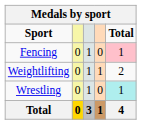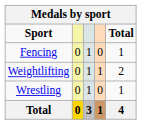 <table class="wikitable" style="font-size:85%; float:right;">
 <tr style="background:#efefef;">
 <th colspan=7>Medals by sport</th>
 </tr>
 <tr align=center>
 <td><strong>Sport</strong></td>
 <td style="background:#f7f6a8;"></td>
 <td style="background:#dce5e5;"></td>
 <td style="background:#ffdab9;"></td>
 <td><strong>Total</strong></td>
 </tr>
 <tr align=center>
 <td><a href='#'>Fencing</a></td>
 <td style="background:#f7f6a8;">0</td>
 <td style="background:#dce5e5;">1</td>
 <td style="background:#ffdab9;">0</td>
-<td style="background: pink;">1</td>
+<td>1</td>
 </tr>
 <tr align=center>
 <td><a href='#'>Weightlifting</a></td>
 <td style="background:#f7f6a8;">0</td>
 <td style="background:#dce5e5;">1</td>
 <td style="background:#ffdab9;">1</td>
 <td>2</td>
 </tr>
 <tr align=center>
 <td><a href='#'>Wrestling</a></td>
 <td style="background:#f7f6a8;">0</td>
 <td style="background:#dce5e5;">1</td>
 <td style="background:#ffdab9;">0</td>
-<td style="background: paleturquoise;">1</td>
+<td>1</td>
 </tr>
 <tr align=center>
 <th>Total</th>
 <th style="background:gold;">0</th>
 <th style="background:silver;">3</th>
 <th style="background:#c96;">1</th>
 <th>4</th>
 </tr>
 </table>
